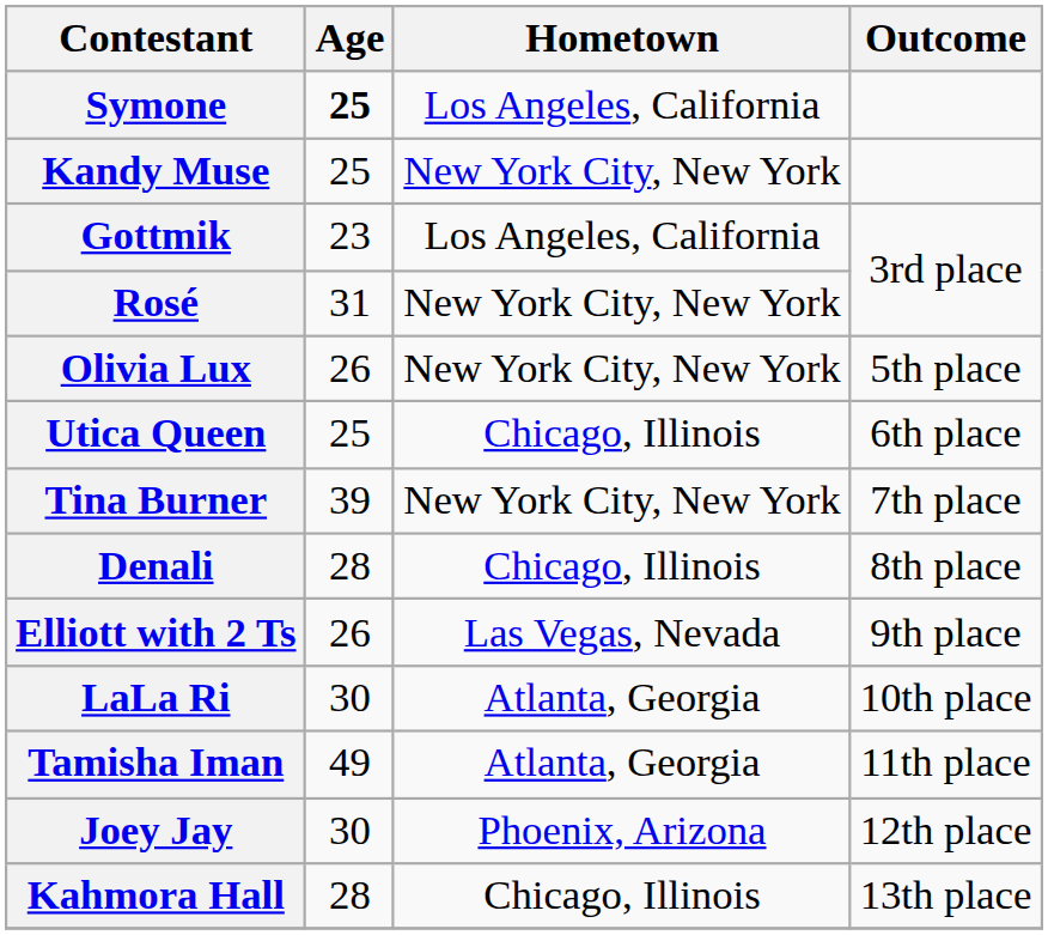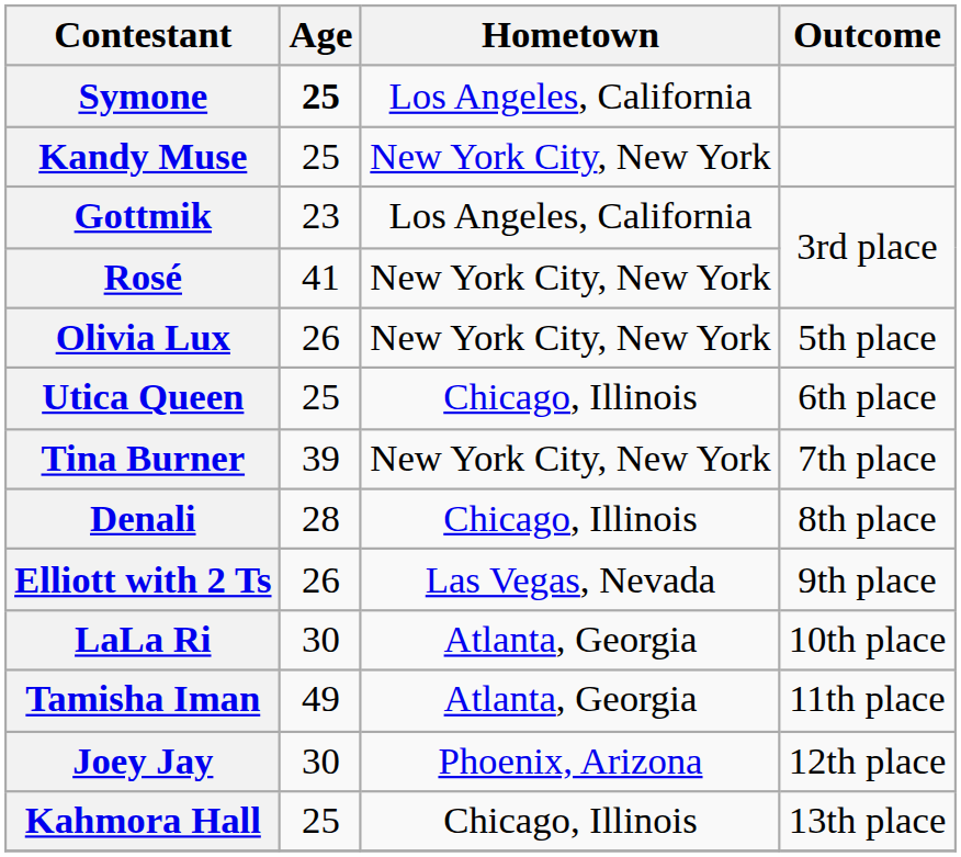 <table class="wikitable sortable" style="text-align:center">
 <tr>
 <th scope="col">Contestant</th>
 <th scope="col">Age</th>
 <th scope="col">Hometown</th>
 <th scope="col">Outcome</th>
 </tr>
 <tr>
 <th scope="row"><a href='#'>Symone</a></th>
 <td><strong>25</strong></td>
 <td><a href='#'>Los Angeles</a>, California</td>
 <td></td>
 </tr>
 <tr>
 <th scope="row"><a href='#'>Kandy Muse</a></th>
 <td>25</td>
 <td nowrap><a href='#'>New York City</a>, New York</td>
 <td></td>
 </tr>
 <tr>
 <th scope="row"><a href='#'>Gottmik</a></th>
 <td>23</td>
 <td>Los Angeles, California</td>
 <td rowspan="2">3rd place</td>
 </tr>
 <tr>
 <th scope="row"><a href='#'>Rosé</a></th>
-<td>31</td>
+<td>41</td>
 <td>New York City, New York</td>
 </tr>
 <tr>
 <th scope="row"><a href='#'>Olivia Lux</a></th>
 <td>26</td>
 <td>New York City, New York</td>
 <td>5th place</td>
 </tr>
 <tr>
 <th scope="row"><a href='#'>Utica Queen</a></th>
 <td>25</td>
 <td><a href='#'>Chicago</a>, Illinois</td>
 <td>6th place</td>
 </tr>
 <tr>
 <th scope="row"><a href='#'>Tina Burner</a></th>
 <td>39</td>
 <td>New York City, New York</td>
 <td>7th place</td>
 </tr>
 <tr>
 <th scope="row"><a href='#'>Denali</a></th>
 <td>28</td>
 <td><a href='#'>Chicago</a>, Illinois</td>
 <td>8th place</td>
 </tr>
 <tr>
 <th scope="row" nowrap><a href='#'>Elliott with 2 Ts</a></th>
 <td>26</td>
 <td><a href='#'>Las Vegas</a>, Nevada</td>
 <td>9th place</td>
 </tr>
 <tr>
 <th scope="row"><a href='#'>LaLa Ri</a></th>
 <td>30</td>
 <td><a href='#'>Atlanta</a>, Georgia</td>
 <td nowrap>10th place</td>
 </tr>
 <tr>
 <th scope="row"><a href='#'>Tamisha Iman</a></th>
 <td>49</td>
 <td><a href='#'>Atlanta</a>, Georgia</td>
 <td>11th place</td>
 </tr>
 <tr>
 <th scope="row"><a href='#'>Joey Jay</a></th>
 <td>30</td>
 <td><a href='#'>Phoenix, Arizona</a></td>
 <td>12th place</td>
 </tr>
 <tr>
 <th scope="row"><a href='#'>Kahmora Hall</a></th>
-<td>28</td>
+<td>25</td>
 <td>Chicago, Illinois</td>
 <td>13th place</td>
 </tr>
 <tr>
 </tr>
 </table>
